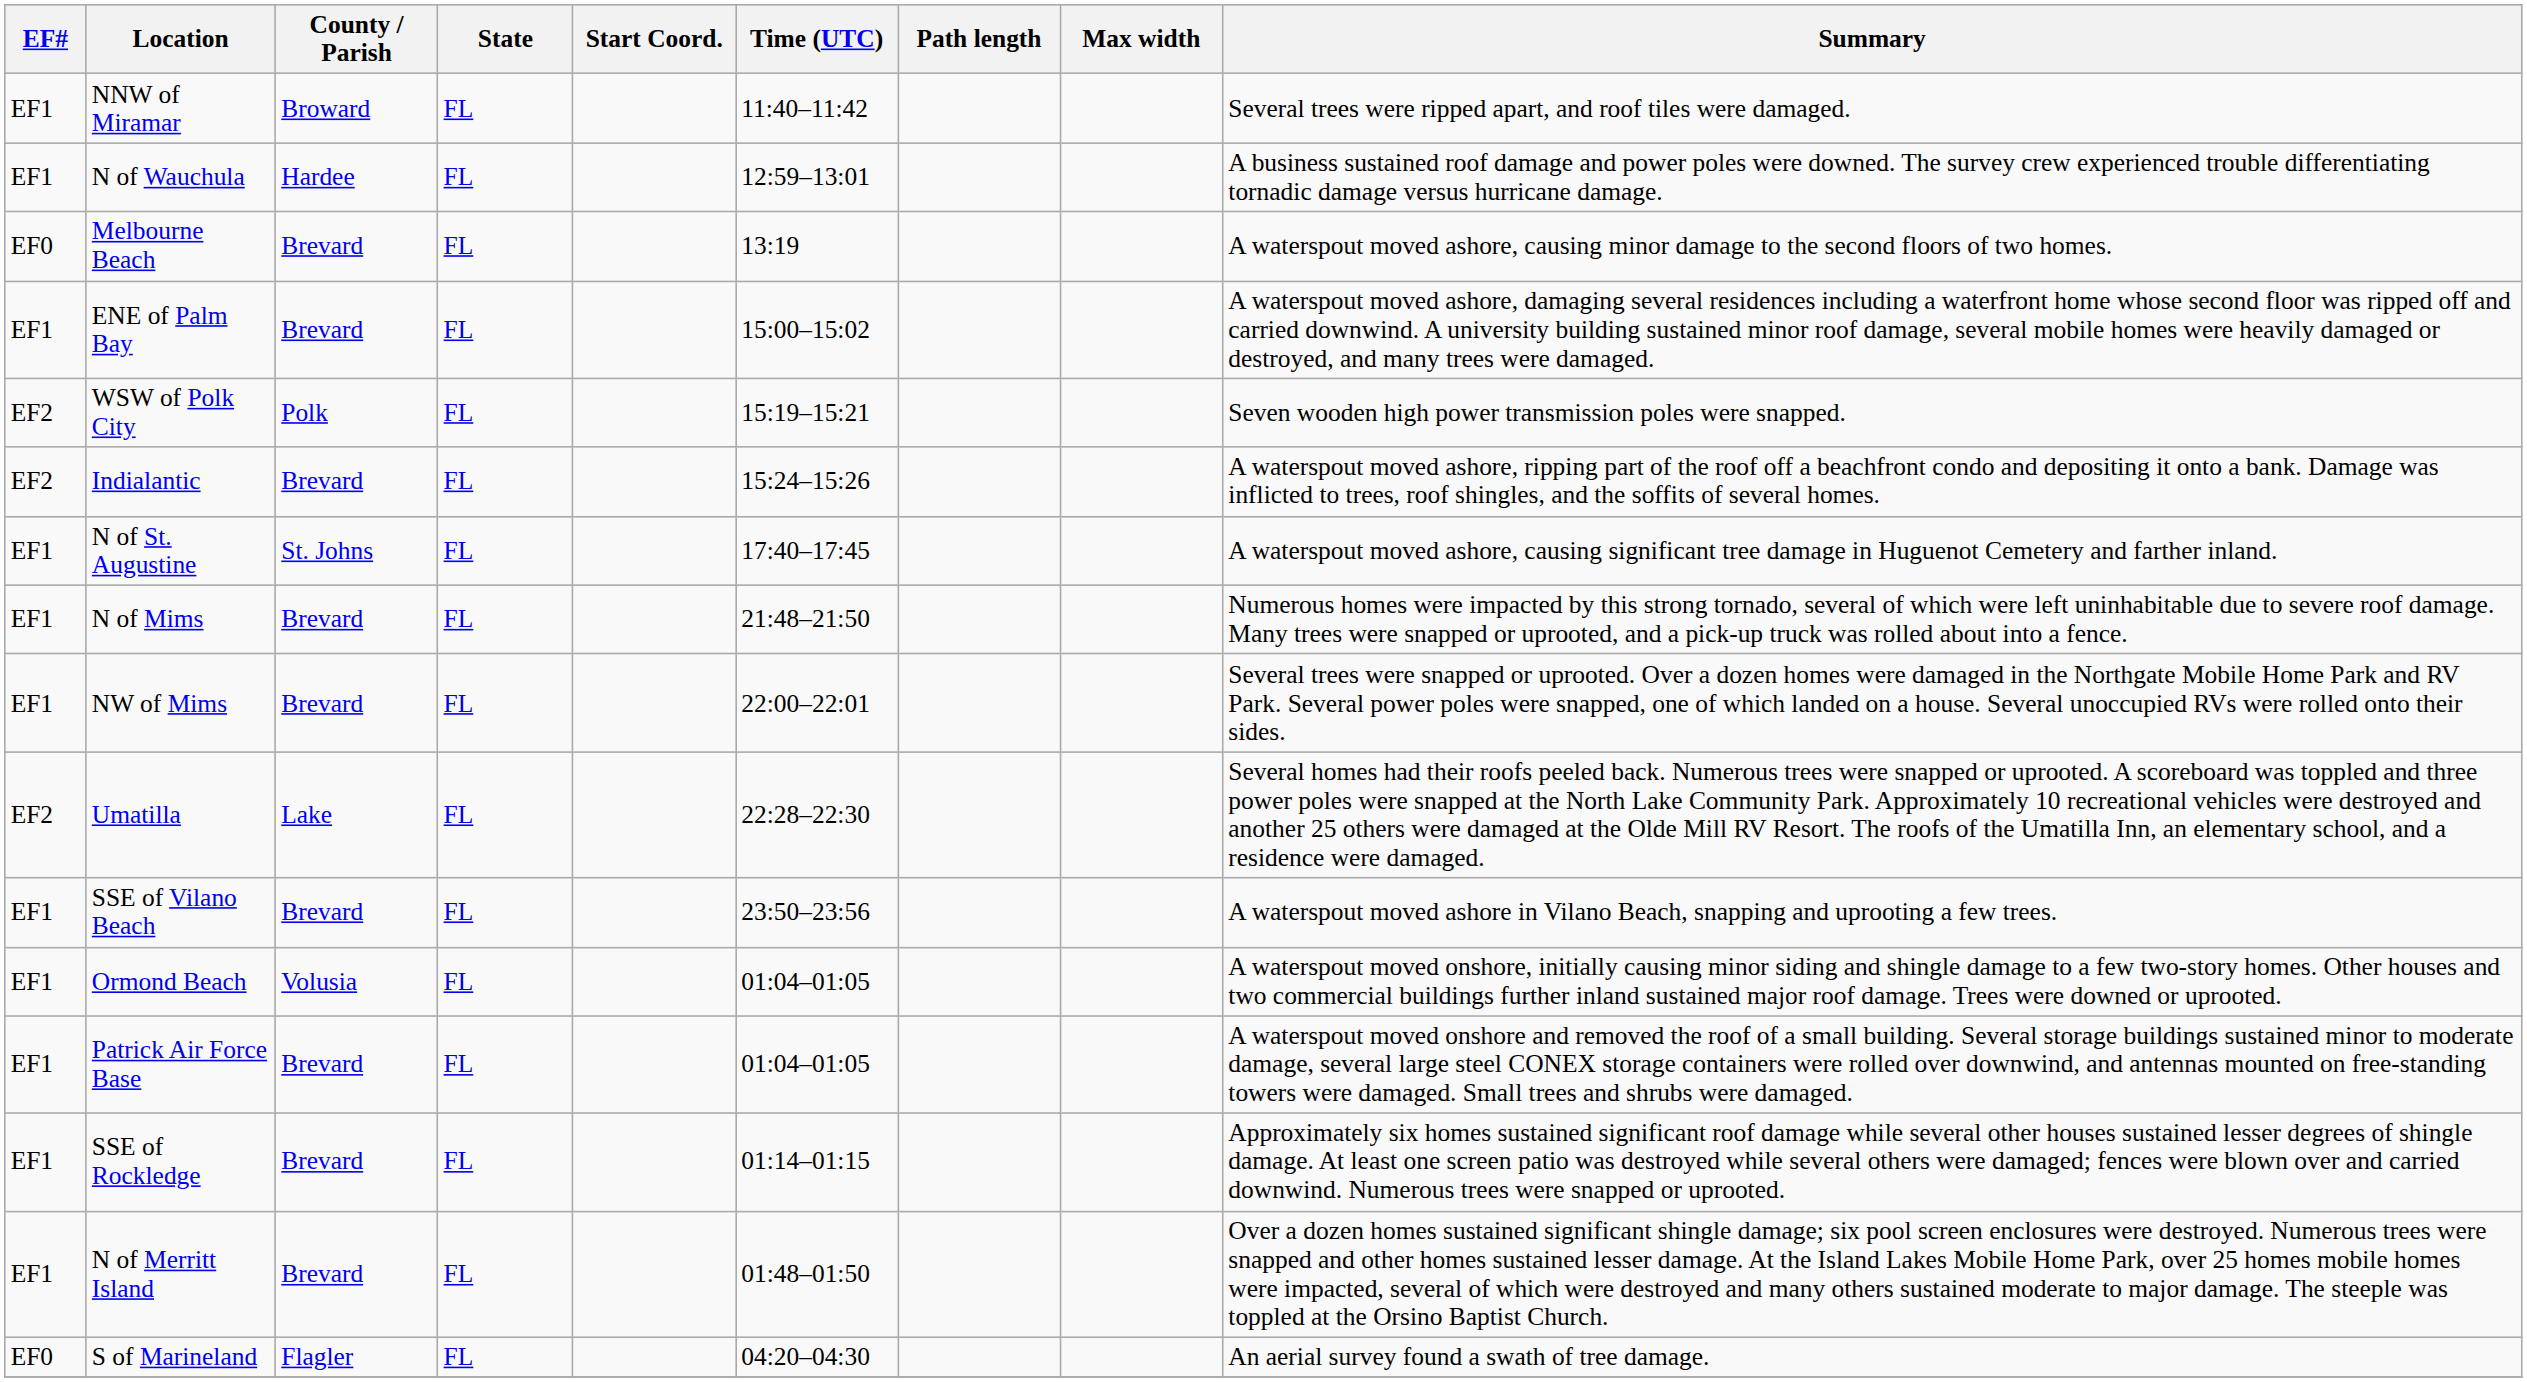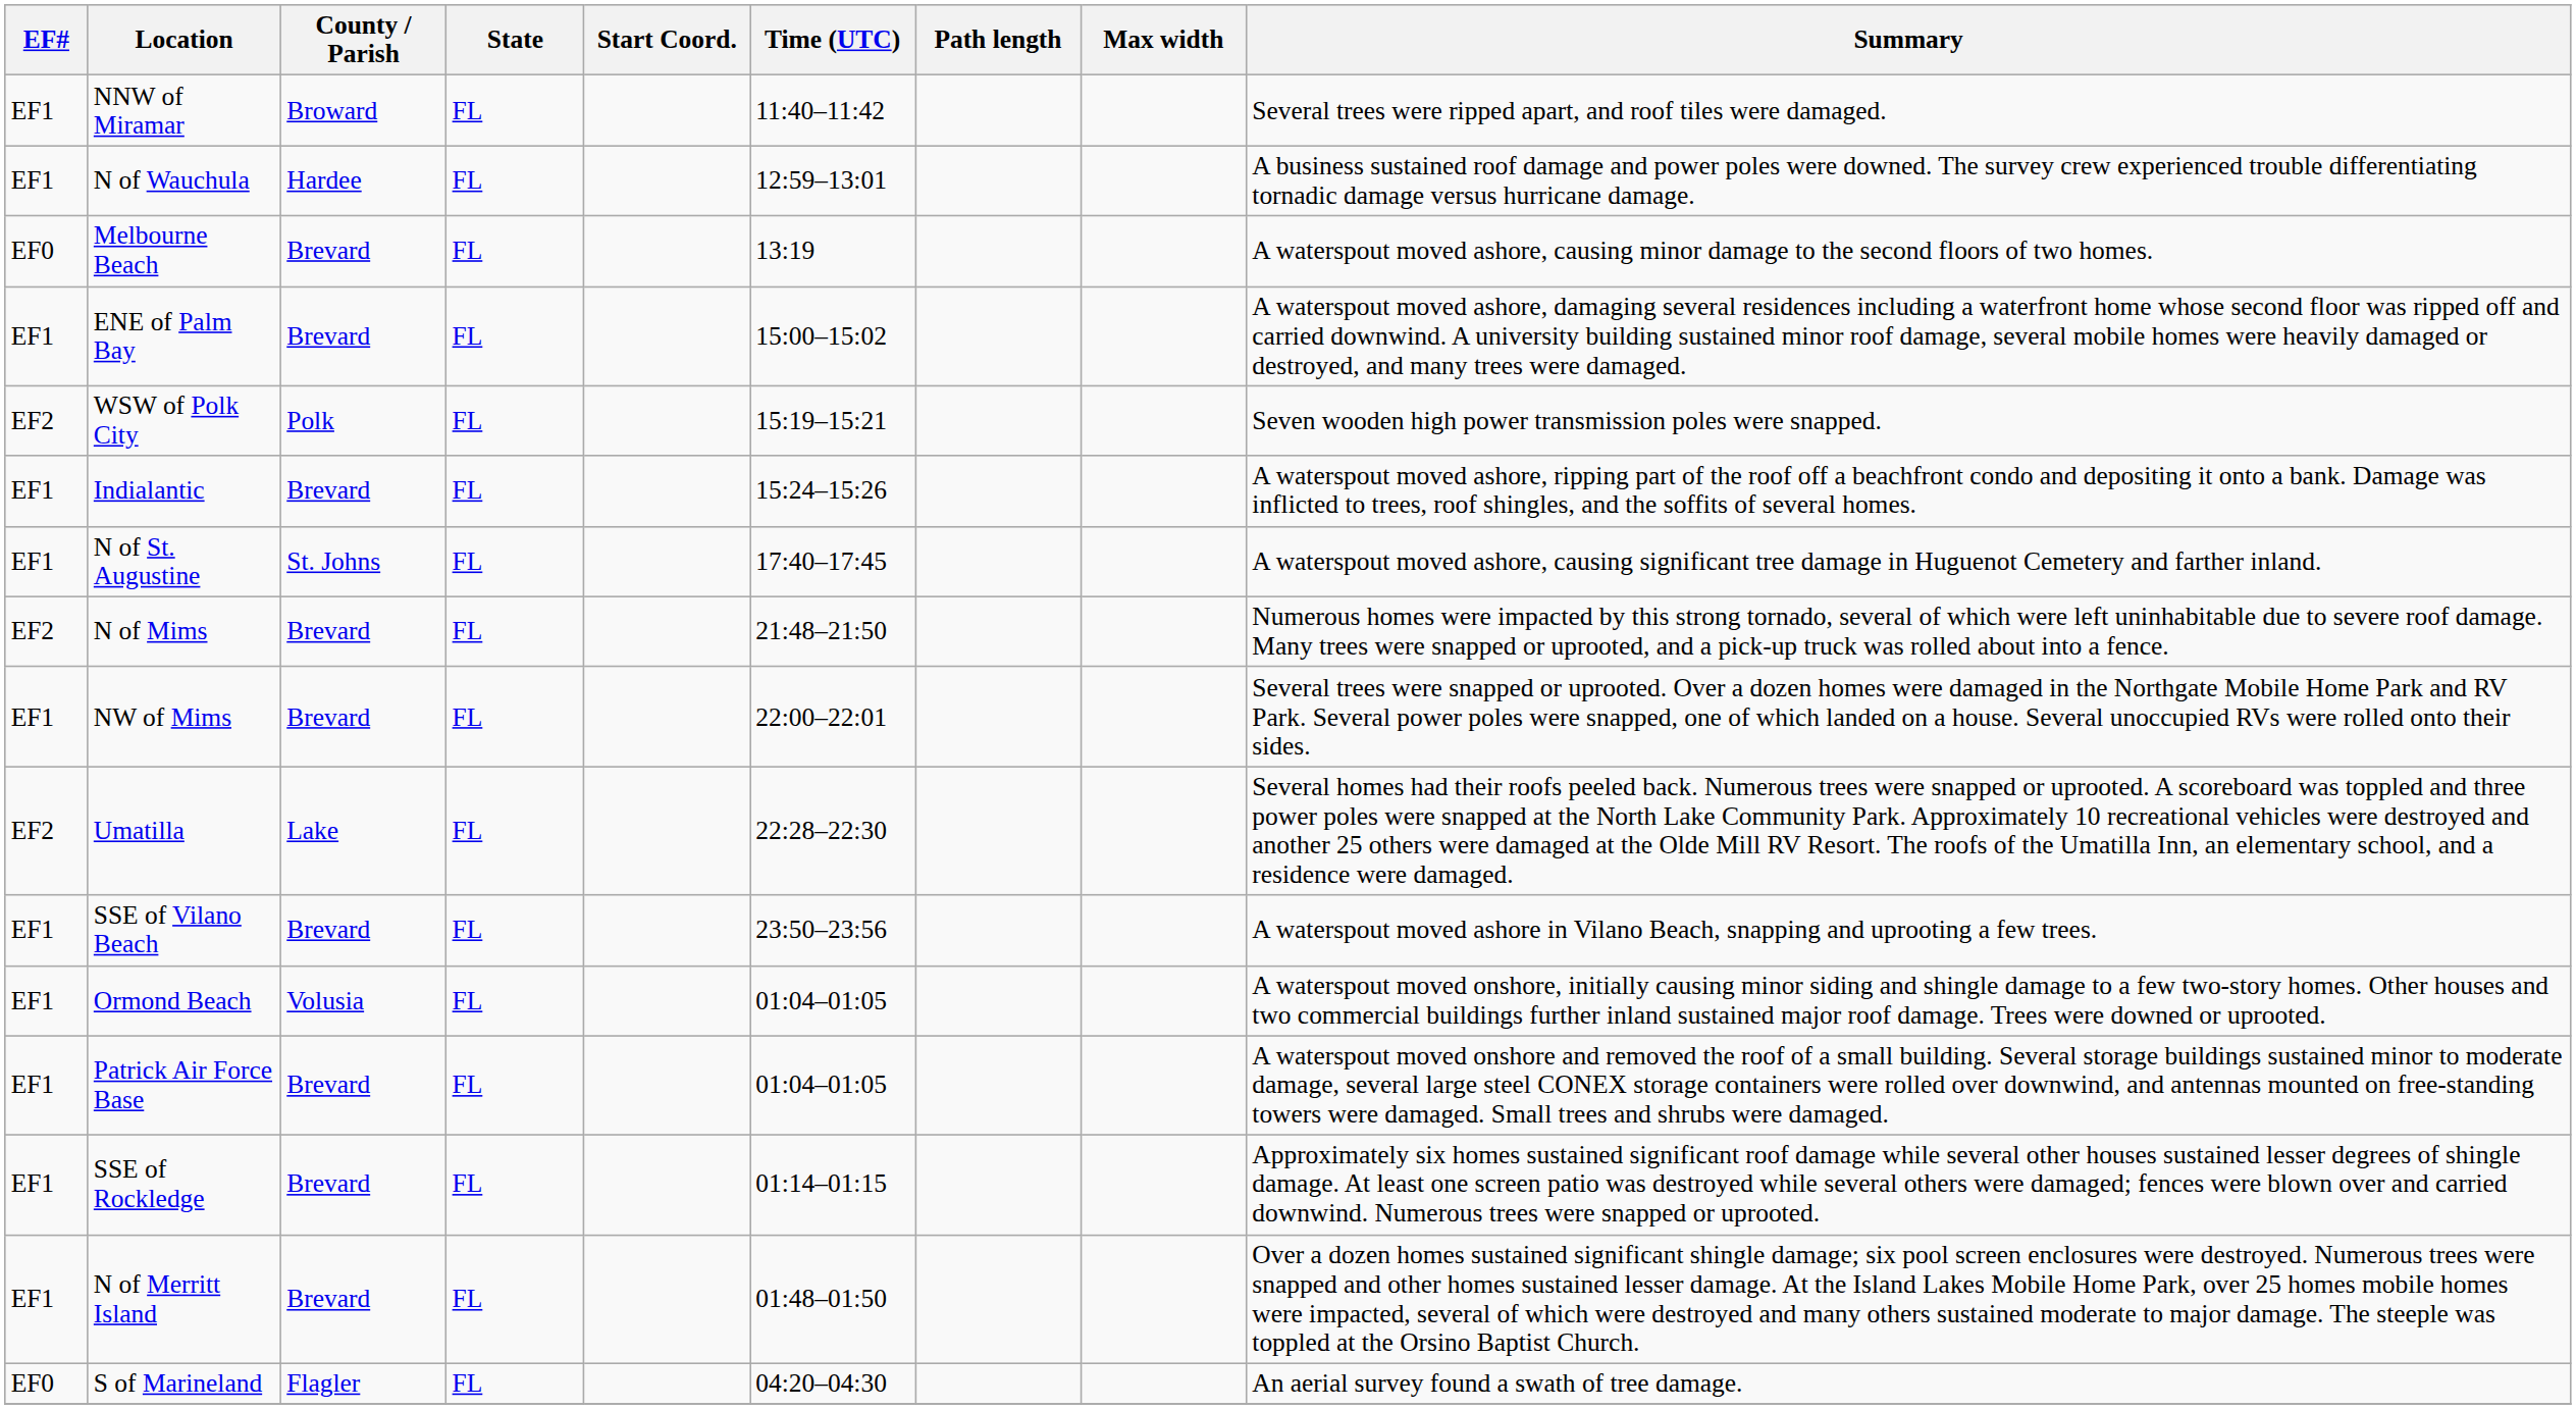 <table class="wikitable sortable" style="width:100%;">
 <tr>
 <th scope="col"  style="width:3%; text-align:center;"><a href='#'>EF#</a></th>
 <th scope="col"  style="width:7%; text-align:center;" class="unsortable">Location</th>
 <th scope="col"  style="width:6%; text-align:center;" class="unsortable">County / Parish</th>
 <th scope="col"  style="width:5%; text-align:center;">State</th>
 <th scope="col"  style="width:6%; text-align:center;">Start Coord.</th>
 <th scope="col"  style="width:6%; text-align:center;">Time (<a href='#'>UTC</a>)</th>
 <th scope="col"  style="width:6%; text-align:center;">Path length</th>
 <th scope="col"  style="width:6%; text-align:center;">Max width</th>
 <th scope="col" class="unsortable" style="width:48%; text-align:center;">Summary</th>
 </tr>
 <tr>
 <td>EF1</td>
 <td>NNW of <a href='#'>Miramar</a></td>
 <td><a href='#'>Broward</a></td>
 <td><a href='#'>FL</a></td>
 <td></td>
 <td>11:40–11:42</td>
 <td></td>
 <td></td>
 <td>Several trees were ripped apart, and roof tiles were damaged.</td>
 </tr>
 <tr>
 <td>EF1</td>
 <td>N of <a href='#'>Wauchula</a></td>
 <td><a href='#'>Hardee</a></td>
 <td><a href='#'>FL</a></td>
 <td></td>
 <td>12:59–13:01</td>
 <td></td>
 <td></td>
 <td>A business sustained roof damage and power poles were downed. The survey crew experienced trouble differentiating tornadic damage versus hurricane damage.</td>
 </tr>
 <tr>
 <td>EF0</td>
 <td><a href='#'>Melbourne Beach</a></td>
 <td><a href='#'>Brevard</a></td>
 <td><a href='#'>FL</a></td>
 <td></td>
 <td>13:19</td>
 <td></td>
 <td></td>
 <td>A waterspout moved ashore, causing minor damage to the second floors of two homes.</td>
 </tr>
 <tr>
 <td>EF1</td>
 <td>ENE of <a href='#'>Palm Bay</a></td>
 <td><a href='#'>Brevard</a></td>
 <td><a href='#'>FL</a></td>
 <td></td>
 <td>15:00–15:02</td>
 <td></td>
 <td></td>
 <td>A waterspout moved ashore, damaging several residences including a waterfront home whose second floor was ripped off and carried downwind. A university building sustained minor roof damage, several mobile homes were heavily damaged or destroyed, and many trees were damaged.</td>
 </tr>
 <tr>
 <td>EF2</td>
 <td>WSW of <a href='#'>Polk City</a></td>
 <td><a href='#'>Polk</a></td>
 <td><a href='#'>FL</a></td>
 <td></td>
 <td>15:19–15:21</td>
 <td></td>
 <td></td>
 <td>Seven wooden high power transmission poles were snapped.</td>
 </tr>
 <tr>
-<td>EF2</td>
+<td>EF1</td>
 <td><a href='#'>Indialantic</a></td>
 <td><a href='#'>Brevard</a></td>
 <td><a href='#'>FL</a></td>
 <td></td>
 <td>15:24–15:26</td>
 <td></td>
 <td></td>
 <td>A waterspout moved ashore, ripping part of the roof off a beachfront condo and depositing it onto a bank. Damage was inflicted to trees, roof shingles, and the soffits of several homes.</td>
 </tr>
 <tr>
 <td>EF1</td>
 <td>N of <a href='#'>St. Augustine</a></td>
 <td><a href='#'>St. Johns</a></td>
 <td><a href='#'>FL</a></td>
 <td></td>
 <td>17:40–17:45</td>
 <td></td>
 <td></td>
 <td>A waterspout moved ashore, causing significant tree damage in Huguenot Cemetery and farther inland.</td>
 </tr>
 <tr>
-<td>EF1</td>
+<td>EF2</td>
 <td>N of <a href='#'>Mims</a></td>
 <td><a href='#'>Brevard</a></td>
 <td><a href='#'>FL</a></td>
 <td></td>
 <td>21:48–21:50</td>
 <td></td>
 <td></td>
 <td>Numerous homes were impacted by this strong tornado, several of which were left uninhabitable due to severe roof damage. Many trees were snapped or uprooted, and a pick-up truck was rolled about  into a fence.</td>
 </tr>
 <tr>
 <td>EF1</td>
 <td>NW of <a href='#'>Mims</a></td>
 <td><a href='#'>Brevard</a></td>
 <td><a href='#'>FL</a></td>
 <td></td>
 <td>22:00–22:01</td>
 <td></td>
 <td></td>
 <td>Several trees were snapped or uprooted. Over a dozen homes were damaged in the Northgate Mobile Home Park and RV Park. Several power poles were snapped, one of which landed on a house. Several unoccupied RVs were rolled onto their sides.</td>
 </tr>
 <tr>
 <td>EF2</td>
 <td><a href='#'>Umatilla</a></td>
 <td><a href='#'>Lake</a></td>
 <td><a href='#'>FL</a></td>
 <td></td>
 <td>22:28–22:30</td>
 <td></td>
 <td></td>
 <td>Several homes had their roofs peeled back. Numerous trees were snapped or uprooted. A scoreboard was toppled and three power poles were snapped at the North Lake Community Park. Approximately 10 recreational vehicles were destroyed and another 25 others were damaged at the Olde Mill RV Resort. The roofs of the Umatilla Inn, an elementary school, and a residence were damaged.</td>
 </tr>
 <tr>
 <td>EF1</td>
 <td>SSE of <a href='#'>Vilano Beach</a></td>
 <td><a href='#'>Brevard</a></td>
 <td><a href='#'>FL</a></td>
 <td></td>
 <td>23:50–23:56</td>
 <td></td>
 <td></td>
 <td>A waterspout moved ashore in Vilano Beach, snapping and uprooting a few trees.</td>
 </tr>
 <tr>
 <td>EF1</td>
 <td><a href='#'>Ormond Beach</a></td>
 <td><a href='#'>Volusia</a></td>
 <td><a href='#'>FL</a></td>
 <td></td>
 <td>01:04–01:05</td>
 <td></td>
 <td></td>
 <td>A waterspout moved onshore, initially causing minor siding and shingle damage to a few two-story homes. Other houses and two commercial buildings further inland sustained major roof damage. Trees were downed or uprooted.</td>
 </tr>
 <tr>
 <td>EF1</td>
 <td><a href='#'>Patrick Air Force Base</a></td>
 <td><a href='#'>Brevard</a></td>
 <td><a href='#'>FL</a></td>
 <td></td>
 <td>01:04–01:05</td>
 <td></td>
 <td></td>
 <td>A waterspout moved onshore and removed the roof of a small building. Several storage buildings sustained minor to moderate damage, several large steel CONEX storage containers were rolled over  downwind, and antennas mounted on free-standing towers were damaged. Small trees and shrubs were damaged.</td>
 </tr>
 <tr>
 <td>EF1</td>
 <td>SSE of <a href='#'>Rockledge</a></td>
 <td><a href='#'>Brevard</a></td>
 <td><a href='#'>FL</a></td>
 <td></td>
 <td>01:14–01:15</td>
 <td></td>
 <td></td>
 <td>Approximately six homes sustained significant roof damage while several other houses sustained lesser degrees of shingle damage. At least one screen patio was destroyed while several others were damaged; fences were blown over and carried downwind. Numerous trees were snapped or uprooted.</td>
 </tr>
 <tr>
 <td>EF1</td>
 <td>N of <a href='#'>Merritt Island</a></td>
 <td><a href='#'>Brevard</a></td>
 <td><a href='#'>FL</a></td>
 <td></td>
 <td>01:48–01:50</td>
 <td></td>
 <td></td>
 <td>Over a dozen homes sustained significant shingle damage; six pool screen enclosures were destroyed. Numerous trees were snapped and other homes sustained lesser damage. At the Island Lakes Mobile Home Park, over 25 homes mobile homes were impacted, several of which were destroyed and many others sustained moderate to major damage. The steeple was toppled at the Orsino Baptist Church.</td>
 </tr>
 <tr>
 <td>EF0</td>
 <td>S of <a href='#'>Marineland</a></td>
 <td><a href='#'>Flagler</a></td>
 <td><a href='#'>FL</a></td>
 <td></td>
 <td>04:20–04:30</td>
 <td></td>
 <td></td>
 <td>An aerial survey found a swath of tree damage.</td>
 </tr>
 <tr>
 </tr>
 </table>
